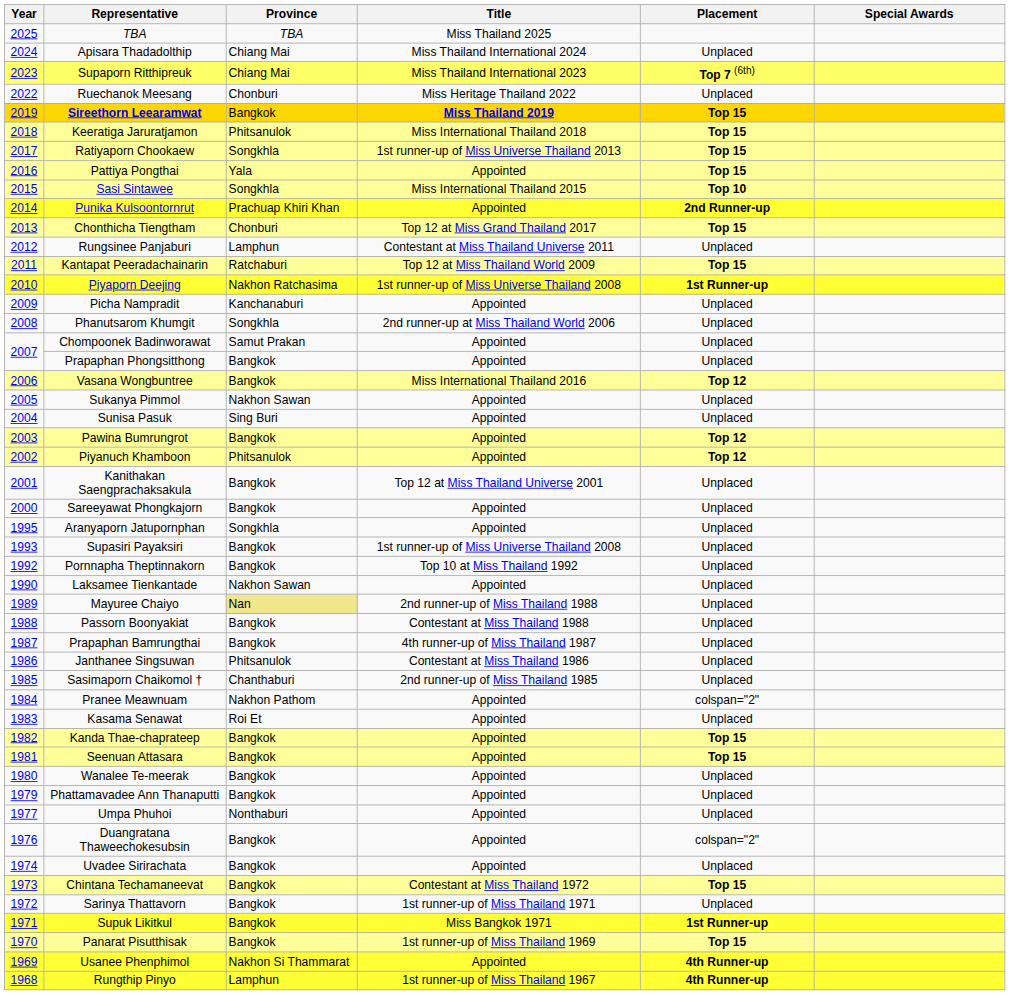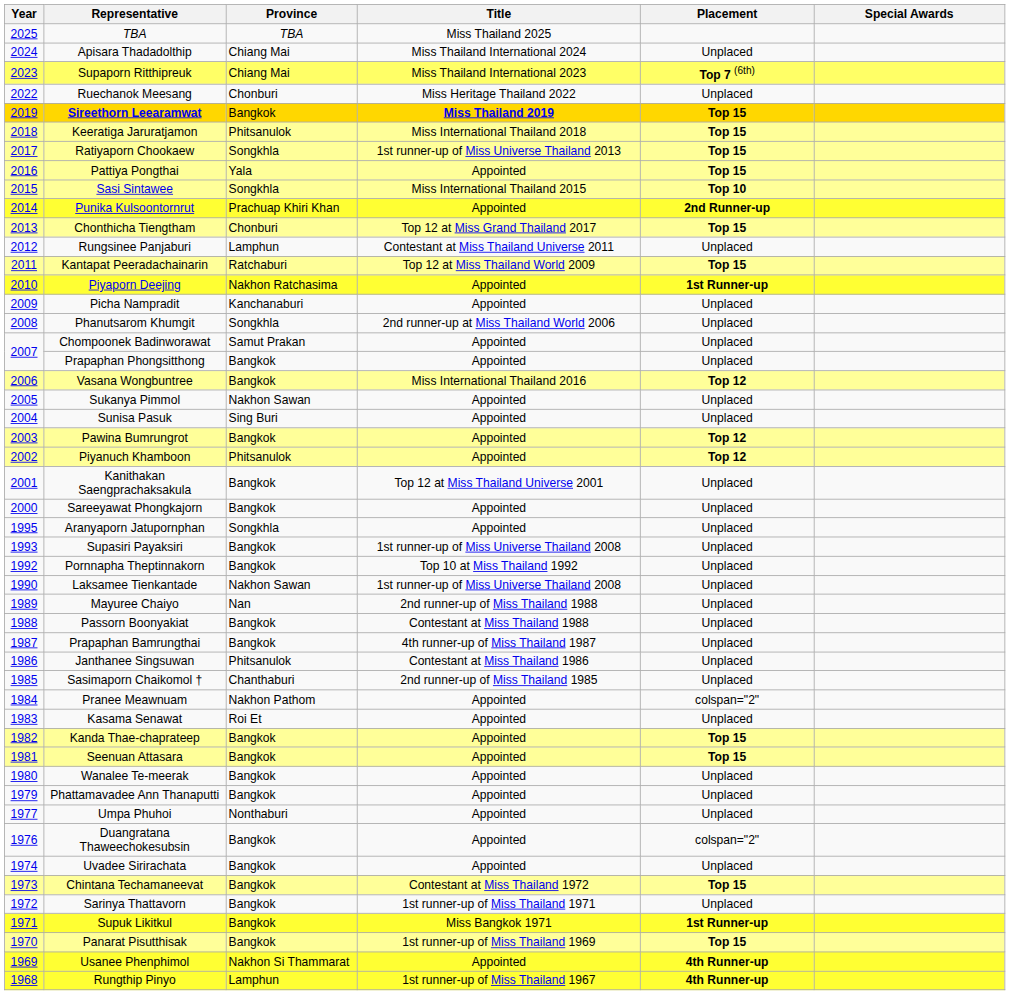 <table class="wikitable" style="font-size: 90%; text-align:center">
 <tr>
 <th width="40">Year</th>
 <th width="210">Representative</th>
 <th width="150">Province</th>
 <th width="330">Title</th>
 <th width="200">Placement</th>
 <th width="220">Special Awards</th>
 </tr>
 <tr>
 <td><a href='#'>2025</a></td>
 <td><em>TBA</em></td>
 <td><em>TBA</em></td>
 <td>Miss Thailand 2025</td>
 <td></td>
 <td></td>
 </tr>
 <tr>
 <td><a href='#'>2024</a></td>
 <td>Apisara Thadadolthip</td>
 <td align=left>Chiang Mai</td>
 <td>Miss Thailand International 2024</td>
 <td align="center">Unplaced</td>
 <td></td>
 </tr>
 <tr style="background-color:#FFFF66; : bold">
 <td><a href='#'>2023</a></td>
 <td>Supaporn Ritthipreuk </td>
 <td align=left>Chiang Mai</td>
 <td>Miss Thailand International 2023</td>
 <td align="center"><strong>Top 7</strong> <sup>(6th)</sup></td>
 <td style="background:;"></td>
 </tr>
 <tr>
 <td><a href='#'>2022</a></td>
 <td>Ruechanok Meesang</td>
 <td align=left>Chonburi</td>
 <td>Miss Heritage Thailand 2022</td>
 <td align="center">Unplaced</td>
 <td></td>
 </tr>
 <tr style="background-color:gold; : bold">
 <td><a href='#'>2019</a></td>
 <td><strong><a href='#'>Sireethorn Leearamwat</a></strong> </td>
 <td align=left>Bangkok</td>
 <td><strong><a href='#'>Miss Thailand 2019</a></strong></td>
 <td align="center"><strong>Top 15</strong></td>
 <td style="background:;"></td>
 </tr>
 <tr style="background-color:#FFFF99; : bold">
 <td><a href='#'>2018</a></td>
 <td>Keeratiga Jaruratjamon</td>
 <td align=left>Phitsanulok</td>
 <td>Miss International Thailand 2018</td>
 <td align="center"><strong>Top 15</strong></td>
 <td></td>
 </tr>
 <tr style="background-color:#FFFF99; : bold">
 <td><a href='#'>2017</a></td>
 <td>Ratiyaporn Chookaew</td>
 <td align=left>Songkhla</td>
 <td>1st runner-up of <a href='#'>Miss Universe Thailand</a> 2013</td>
 <td align="center"><strong>Top 15</strong></td>
 <td></td>
 </tr>
 <tr style="background-color:#FFFF99; : bold">
 <td><a href='#'>2016</a></td>
 <td>Pattiya Pongthai</td>
 <td align=left>Yala</td>
 <td>Appointed</td>
 <td align="center"><strong>Top 15</strong></td>
 <td></td>
 </tr>
 <tr style="background-color:#FFFF99; : bold">
 <td><a href='#'>2015</a></td>
 <td><a href='#'>Sasi Sintawee</a></td>
 <td align=left>Songkhla</td>
 <td>Miss International Thailand 2015</td>
 <td align="center"><strong>Top 10</strong></td>
 <td></td>
 </tr>
 <tr style="background-color:#FFFF33; : bold">
 <td><a href='#'>2014</a></td>
 <td><a href='#'>Punika Kulsoontornrut</a></td>
 <td align=left>Prachuap Khiri Khan</td>
 <td>Appointed</td>
 <td align="center"><strong>2nd Runner-up</strong></td>
 <td></td>
 </tr>
 <tr style="background-color:#FFFF99; : bold">
 <td><a href='#'>2013</a></td>
 <td>Chonthicha Tiengtham</td>
 <td align=left>Chonburi</td>
 <td>Top 12 at <a href='#'>Miss Grand Thailand</a> 2017</td>
 <td align="center"><strong>Top 15</strong></td>
 <td style="background:;"></td>
 </tr>
 <tr>
 <td><a href='#'>2012</a></td>
 <td>Rungsinee Panjaburi</td>
 <td align=left>Lamphun</td>
 <td>Contestant at <a href='#'>Miss Thailand Universe</a> 2011</td>
 <td align="center">Unplaced</td>
 <td></td>
 </tr>
 <tr style="background-color:#FFFF99; : bold">
 <td><a href='#'>2011</a></td>
 <td>Kantapat Peeradachainarin</td>
 <td align=left>Ratchaburi</td>
 <td>Top 12 at <a href='#'>Miss Thailand World</a> 2009</td>
 <td align="center"><strong>Top 15</strong></td>
 <td style="background:;"></td>
 </tr>
 <tr style="background-color:#FFFF33; : bold">
 <td><a href='#'>2010</a></td>
 <td><a href='#'>Piyaporn Deejing</a></td>
 <td align=left>Nakhon Ratchasima</td>
-<td>1st runner-up of <a href='#'>Miss Universe Thailand</a> 2008</td>
+<td>Appointed</td>
 <td align="center"><strong>1st Runner-up</strong></td>
 <td></td>
 </tr>
 <tr>
 <td><a href='#'>2009</a></td>
 <td>Picha Nampradit</td>
 <td align=left>Kanchanaburi</td>
 <td>Appointed</td>
 <td align="center">Unplaced</td>
 <td></td>
 </tr>
 <tr>
 <td><a href='#'>2008</a></td>
 <td>Phanutsarom Khumgit</td>
 <td align=left>Songkhla</td>
 <td>2nd runner-up at <a href='#'>Miss Thailand World</a> 2006</td>
 <td align="center">Unplaced</td>
 <td></td>
 </tr>
 <tr>
 <td rowspan="2"><a href='#'>2007</a></td>
 <td>Chompoonek Badinworawat</td>
 <td align=left>Samut Prakan</td>
 <td>Appointed</td>
 <td align="center">Unplaced</td>
 <td></td>
 </tr>
 <tr>
 <td>Prapaphan Phongsitthong</td>
 <td align=left>Bangkok</td>
 <td>Appointed</td>
 <td align="center">Unplaced</td>
 </tr>
 <tr style="background-color:#FFFF99; : bold">
 <td><a href='#'>2006</a></td>
 <td>Vasana Wongbuntree</td>
 <td align=left>Bangkok</td>
 <td>Miss International Thailand 2016</td>
 <td align="center"><strong>Top 12</strong></td>
 <td style="background:;"></td>
 </tr>
 <tr>
 <td><a href='#'>2005</a></td>
 <td>Sukanya Pimmol</td>
 <td align=left>Nakhon Sawan</td>
 <td>Appointed</td>
 <td align="center">Unplaced</td>
 <td></td>
 </tr>
 <tr>
 <td><a href='#'>2004</a></td>
 <td>Sunisa Pasuk</td>
 <td align=left>Sing Buri</td>
 <td>Appointed</td>
 <td align="center">Unplaced</td>
 <td></td>
 </tr>
 <tr style="background-color:#FFFF99; : bold">
 <td><a href='#'>2003</a></td>
 <td>Pawina Bumrungrot</td>
 <td align=left>Bangkok</td>
 <td>Appointed</td>
 <td align="center"><strong>Top 12</strong></td>
 <td></td>
 </tr>
 <tr style="background-color:#FFFF99; : bold">
 <td><a href='#'>2002</a></td>
 <td>Piyanuch Khamboon</td>
 <td align=left>Phitsanulok</td>
 <td>Appointed</td>
 <td align="center"><strong>Top 12</strong></td>
 <td></td>
 </tr>
 <tr>
 <td><a href='#'>2001</a></td>
 <td>Kanithakan Saengprachaksakula</td>
 <td align=left>Bangkok</td>
 <td>Top 12 at <a href='#'>Miss Thailand Universe</a> 2001</td>
 <td align="center">Unplaced</td>
 <td></td>
 </tr>
 <tr>
 <td><a href='#'>2000</a></td>
 <td>Sareeyawat Phongkajorn</td>
 <td align=left>Bangkok</td>
 <td>Appointed</td>
 <td align="center">Unplaced</td>
 <td></td>
 </tr>
 <tr>
 <td><a href='#'>1995</a></td>
 <td>Aranyaporn Jatupornphan</td>
 <td align=left>Songkhla</td>
 <td>Appointed</td>
 <td align="center">Unplaced</td>
 <td></td>
 </tr>
 <tr>
 <td><a href='#'>1993</a></td>
 <td>Supasiri Payaksiri</td>
 <td align=left>Bangkok</td>
 <td>1st runner-up of <a href='#'>Miss Universe Thailand</a> 2008</td>
 <td align="center">Unplaced</td>
 <td></td>
 </tr>
 <tr>
 <td><a href='#'>1992</a></td>
 <td>Pornnapha Theptinnakorn</td>
 <td align=left>Bangkok</td>
 <td>Top 10 at <a href='#'>Miss Thailand</a> 1992</td>
 <td align="center">Unplaced</td>
 <td></td>
 </tr>
 <tr>
 <td><a href='#'>1990</a></td>
 <td>Laksamee Tienkantade</td>
 <td align=left>Nakhon Sawan</td>
-<td>Appointed</td>
+<td>1st runner-up of <a href='#'>Miss Universe Thailand</a> 2008</td>
 <td align="center">Unplaced</td>
 <td></td>
 </tr>
 <tr>
 <td><a href='#'>1989</a></td>
 <td>Mayuree Chaiyo</td>
-<td align=left style="background: khaki;">Nan</td>
+<td align=left>Nan</td>
 <td>2nd runner-up of <a href='#'>Miss Thailand</a> 1988</td>
 <td align="center">Unplaced</td>
 <td></td>
 </tr>
 <tr>
 <td><a href='#'>1988</a></td>
 <td>Passorn Boonyakiat</td>
 <td align=left>Bangkok</td>
 <td>Contestant at <a href='#'>Miss Thailand</a> 1988</td>
 <td align="center">Unplaced</td>
 <td style="background:;"></td>
 </tr>
 <tr>
 <td><a href='#'>1987</a></td>
 <td>Prapaphan Bamrungthai</td>
 <td align=left>Bangkok</td>
 <td>4th runner-up of <a href='#'>Miss Thailand</a> 1987</td>
 <td align="center">Unplaced</td>
 <td></td>
 </tr>
 <tr>
 <td><a href='#'>1986</a></td>
 <td>Janthanee Singsuwan</td>
 <td align=left>Phitsanulok</td>
 <td>Contestant at <a href='#'>Miss Thailand</a> 1986</td>
 <td align="center">Unplaced</td>
 <td></td>
 </tr>
 <tr>
 <td><a href='#'>1985</a></td>
 <td>Sasimaporn Chaikomol †</td>
 <td align=left>Chanthaburi</td>
 <td>2nd runner-up of <a href='#'>Miss Thailand</a> 1985</td>
 <td align="center">Unplaced</td>
 <td></td>
 </tr>
 <tr>
 <td><a href='#'>1984</a></td>
 <td>Pranee Meawnuam</td>
 <td align=left>Nakhon Pathom</td>
 <td>Appointed</td>
 <td>colspan="2" </td>
 <td></td>
 </tr>
 <tr>
 <td><a href='#'>1983</a></td>
 <td>Kasama Senawat</td>
 <td align=left>Roi Et</td>
 <td>Appointed</td>
 <td align="center">Unplaced</td>
 <td></td>
 </tr>
 <tr style="background-color:#FFFF99; : bold">
 <td><a href='#'>1982</a></td>
 <td>Kanda Thae-chaprateep</td>
 <td align=left>Bangkok</td>
 <td>Appointed</td>
 <td align="center"><strong>Top 15</strong></td>
 <td></td>
 </tr>
 <tr style="background-color:#FFFF99; : bold">
 <td><a href='#'>1981</a></td>
 <td>Seenuan Attasara</td>
 <td align=left>Bangkok</td>
 <td>Appointed</td>
 <td align="center"><strong>Top 15</strong></td>
 <td></td>
 </tr>
 <tr>
 <td><a href='#'>1980</a></td>
 <td>Wanalee Te-meerak</td>
 <td align=left>Bangkok</td>
 <td>Appointed</td>
 <td align="center">Unplaced</td>
 <td></td>
 </tr>
 <tr>
 <td><a href='#'>1979</a></td>
 <td>Phattamavadee Ann Thanaputti</td>
 <td align=left>Bangkok</td>
 <td>Appointed</td>
 <td align="center">Unplaced</td>
 <td></td>
 </tr>
 <tr>
 <td><a href='#'>1977</a></td>
 <td>Umpa Phuhoi</td>
 <td align=left>Nonthaburi</td>
 <td>Appointed</td>
 <td align="center">Unplaced</td>
 <td></td>
 </tr>
 <tr>
 <td><a href='#'>1976</a></td>
 <td>Duangratana Thaweechokesubsin</td>
 <td align=left>Bangkok</td>
 <td>Appointed</td>
 <td>colspan="2" </td>
 <td></td>
 </tr>
 <tr>
 <td><a href='#'>1974</a></td>
 <td>Uvadee Sirirachata</td>
 <td align=left>Bangkok</td>
 <td>Appointed</td>
 <td align="center">Unplaced</td>
 <td></td>
 </tr>
 <tr style="background-color:#FFFF99; : bold">
 <td><a href='#'>1973</a></td>
 <td>Chintana Techamaneevat</td>
 <td align=left>Bangkok</td>
 <td>Contestant at <a href='#'>Miss Thailand</a> 1972</td>
 <td align="center"><strong>Top 15</strong></td>
 <td></td>
 </tr>
 <tr>
 <td><a href='#'>1972</a></td>
 <td>Sarinya Thattavorn</td>
 <td align=left>Bangkok</td>
 <td>1st runner-up of <a href='#'>Miss Thailand</a> 1971</td>
 <td align="center">Unplaced</td>
 <td></td>
 </tr>
 <tr style="background-color:#FFFF33; : bold">
 <td><a href='#'>1971</a></td>
 <td>Supuk Likitkul</td>
 <td align=left>Bangkok</td>
 <td>Miss Bangkok 1971</td>
 <td align="center"><strong>1st Runner-up</strong></td>
 <td></td>
 </tr>
 <tr style="background-color:#FFFF99; : bold">
 <td><a href='#'>1970</a></td>
 <td>Panarat Pisutthisak</td>
 <td align=left>Bangkok</td>
 <td>1st runner-up of <a href='#'>Miss Thailand</a> 1969</td>
 <td align="center"><strong>Top 15</strong></td>
 <td></td>
 </tr>
 <tr style="background-color:#FFFF33; : bold">
 <td><a href='#'>1969</a></td>
 <td>Usanee Phenphimol</td>
 <td align=left>Nakhon Si Thammarat</td>
 <td>Appointed</td>
 <td align="center"><strong>4th Runner-up</strong></td>
 <td></td>
 </tr>
 <tr style="background-color:#FFFF33; : bold">
 <td><a href='#'>1968</a></td>
 <td>Rungthip Pinyo</td>
 <td align=left>Lamphun</td>
 <td>1st runner-up of <a href='#'>Miss Thailand</a> 1967</td>
 <td align="center"><strong>4th Runner-up</strong></td>
 <td style="background:;"></td>
 </tr>
 </table>
